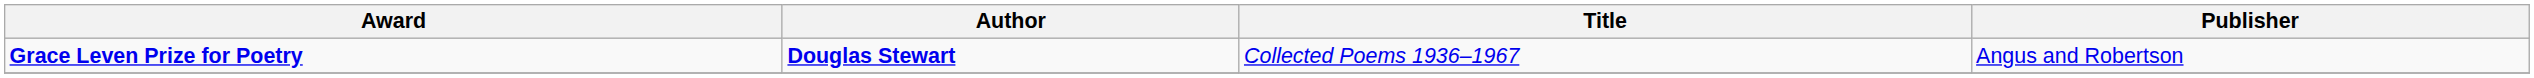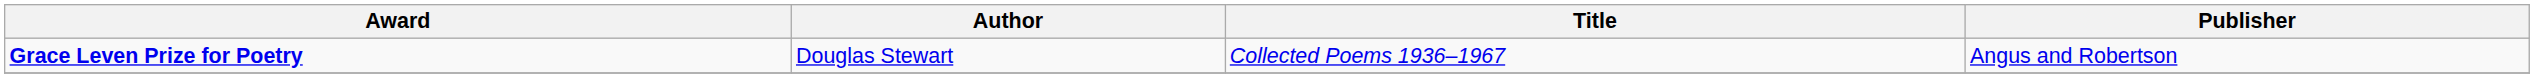 <table class="wikitable" width=95%>
 <tr>
 <th>Award</th>
 <th>Author</th>
 <th>Title</th>
 <th>Publisher</th>
 </tr>
 <tr>
 <td><strong><a href='#'>Grace Leven Prize for Poetry</a></strong></td>
-<td><strong><a href='#'>Douglas Stewart</a></strong></td>
+<td><a href='#'>Douglas Stewart</a></td>
 <td><em><a href='#'>Collected Poems 1936–1967</a></em></td>
 <td><a href='#'>Angus and Robertson</a></td>
 </tr>
 <tr>
 </tr>
 </table>
